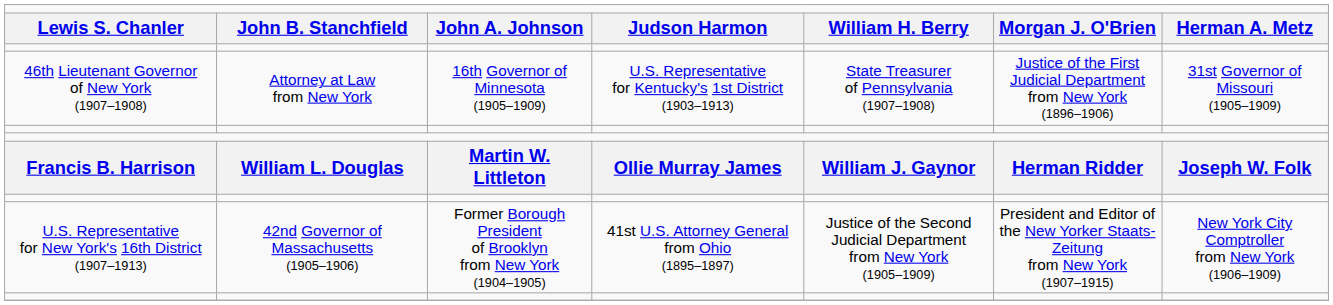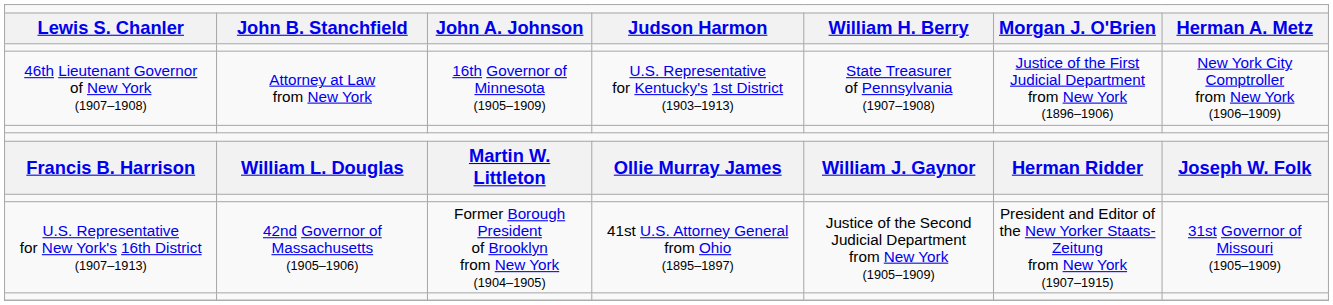 <table class="wikitable" style="font-size:90%">
 <tr>
 <td colspan="7" style="text-align:center; width:1313px; font-size:120%; color:white; background:"></td>
 </tr>
 <tr>
 <th scope="col" style="width:3em; font-size:120%;"><a href='#'>Lewis S. Chanler</a></th>
 <th scope="col" style="width:3em; font-size:120%;"><a href='#'>John B. Stanchfield</a></th>
 <th scope="col" style="width:3em; font-size:120%;"><a href='#'>John A. Johnson</a></th>
 <th scope="col" style="width:3em; font-size:120%;"><a href='#'>Judson Harmon</a></th>
 <th scope="col" style="width:3em; font-size:120%;"><a href='#'>William H. Berry</a></th>
 <th scope="col" style="width:3em; font-size:120%;"><a href='#'>Morgan J. O'Brien</a></th>
 <th scope="col" style="width:3em; font-size:120%;"><a href='#'>Herman A. Metz</a></th>
 </tr>
 <tr>
 <td></td>
 <td></td>
 <td></td>
 <td></td>
 <td></td>
 <td></td>
 <td></td>
 </tr>
 <tr style="text-align:center">
 <td><a href='#'>46th</a> <a href='#'>Lieutenant Governor</a><br>of <a href='#'>New York</a><br><small>(1907–1908)</small></td>
 <td><a href='#'>Attorney at Law</a><br>from <a href='#'>New York</a></td>
 <td><a href='#'>16th</a> <a href='#'>Governor of Minnesota</a><br><small>(1905–1909)</small></td>
 <td><a href='#'>U.S. Representative</a><br>for <a href='#'>Kentucky's</a> <a href='#'>1st District</a><br><small>(1903–1913)</small></td>
 <td><a href='#'>State Treasurer</a><br>of <a href='#'>Pennsylvania</a><br><small>(1907–1908)</small></td>
 <td><a href='#'>Justice of the First<br>Judicial Department</a><br>from <a href='#'>New York</a><br><small>(1896–1906)</small></td>
-<td><a href='#'>31st</a> <a href='#'>Governor of Missouri</a><br><small>(1905–1909)</small></td>
+<td><a href='#'>New York City Comptroller</a><br>from <a href='#'>New York</a><br><small>(1906–1909)</small></td>
 </tr>
 <tr style="text-align:center">
 <td></td>
 <td></td>
 <td></td>
 <td></td>
 <td></td>
 <td></td>
 <td></td>
 </tr>
 <tr>
 <td colspan="7" style="text-align:center; width:1313px; font-size:120%; color:white; background:"></td>
 </tr>
 <tr>
 <th scope="col" style="width:3em; font-size:120%;"><a href='#'>Francis B. Harrison</a></th>
 <th scope="col" style="width:3em; font-size:120%;"><a href='#'>William L. Douglas</a></th>
 <th scope="col" style="width:3em; font-size:120%;"><a href='#'>Martin W. Littleton</a></th>
 <th scope="col" style="width:3em; font-size:120%;"><a href='#'>Ollie Murray James</a></th>
 <th scope="col" style="width:3em; font-size:120%;"><a href='#'>William J. Gaynor</a></th>
 <th scope="col" style="width:3em; font-size:120%;"><a href='#'>Herman Ridder</a></th>
 <th scope="col" style="width:3em; font-size:120%;"><a href='#'>Joseph W. Folk</a></th>
 </tr>
 <tr>
 <td></td>
 <td></td>
 <td></td>
 <td></td>
 <td></td>
 <td></td>
 <td></td>
 </tr>
 <tr style="text-align:center">
 <td><a href='#'>U.S. Representative</a><br>for <a href='#'>New York's</a> <a href='#'>16th District</a><br><small>(1907–1913)</small></td>
 <td><a href='#'>42nd</a> <a href='#'>Governor of Massachusetts</a><br><small>(1905–1906)</small></td>
 <td>Former <a href='#'>Borough President</a><br>of <a href='#'>Brooklyn</a><br>from <a href='#'>New York</a><br><small>(1904–1905)</small></td>
 <td>41st <a href='#'>U.S. Attorney General</a><br>from <a href='#'>Ohio</a><br><small>(1895–1897)</small></td>
 <td>Justice of the Second<br>Judicial Department<br>from <a href='#'>New York</a><br><small>(1905–1909)</small></td>
 <td>President and Editor of<br>the <a href='#'>New Yorker Staats-Zeitung</a><br>from <a href='#'>New York</a><br><small>(1907–1915)</small></td>
-<td><a href='#'>New York City Comptroller</a><br>from <a href='#'>New York</a><br><small>(1906–1909)</small></td>
+<td><a href='#'>31st</a> <a href='#'>Governor of Missouri</a><br><small>(1905–1909)</small></td>
 </tr>
 <tr style="text-align:center">
 <td></td>
 <td></td>
 <td></td>
 <td></td>
 <td></td>
 <td></td>
 <td></td>
 </tr>
 <tr>
 </tr>
 </table>
